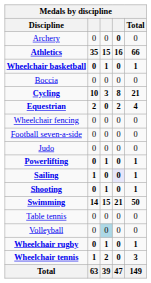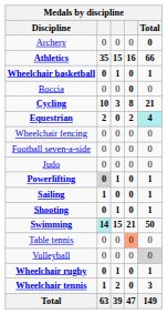 <table class="wikitable" style="font-size:85%" align="right">
 <tr bgcolor="#efefef">
 <th colspan=6>Medals by discipline</th>
 </tr>
 <tr style="text-align:center;">
 <th>Discipline</th>
 <th></th>
 <th></th>
 <th></th>
 <th>Total</th>
 </tr>
 <tr style="text-align:center; ">
 <td><a href='#'>Archery</a></td>
 <td>0</td>
 <td>0</td>
+<td>0</td>
 <td><strong>0</strong></td>
-<td>0</td>
 </tr>
 <tr style="text-align:center; font-weight:bold;">
 <td><a href='#'>Athletics</a></td>
 <td>35</td>
 <td>15</td>
 <td>16</td>
 <td>66</td>
 </tr>
 <tr style="text-align:center; font-weight:bold;">
 <td><a href='#'>Wheelchair basketball</a></td>
 <td>0</td>
 <td>1</td>
 <td>0</td>
 <td>1</td>
 </tr>
 <tr style="text-align:center; ">
 <td><a href='#'>Boccia</a></td>
 <td>0</td>
 <td>0</td>
-<td>0</td>
+<td><strong>0</strong></td>
 <td>0</td>
 </tr>
 <tr style="text-align:center; font-weight:bold;">
 <td><a href='#'>Cycling</a></td>
 <td>10</td>
 <td>3</td>
 <td>8</td>
 <td>21</td>
 </tr>
 <tr style="text-align:center; font-weight:bold;">
 <td><a href='#'>Equestrian</a></td>
 <td>2</td>
 <td>0</td>
 <td>2</td>
-<td>4</td>
+<td style="background: paleturquoise;">4</td>
 </tr>
 <tr style="text-align:center; ">
 <td><a href='#'>Wheelchair fencing</a></td>
 <td>0</td>
 <td>0</td>
 <td>0</td>
 <td>0</td>
 </tr>
 <tr style="text-align:center;">
 <td><a href='#'>Football seven-a-side</a></td>
 <td>0</td>
 <td>0</td>
 <td>0</td>
 <td>0</td>
 </tr>
 <tr style="text-align:center;">
 <td><a href='#'>Judo</a></td>
 <td>0</td>
 <td>0</td>
 <td>0</td>
 <td>0</td>
 </tr>
 <tr style="text-align:center; font-weight:bold;">
 <td><a href='#'>Powerlifting</a></td>
-<td>0</td>
+<td style="background: lightgrey;">0</td>
 <td>1</td>
 <td>0</td>
 <td>1</td>
 </tr>
 <tr style="text-align:center; font-weight:bold;">
 <td><a href='#'>Sailing</a></td>
 <td>1</td>
 <td>0</td>
-<td style="background: lavender;">0</td>
+<td>0</td>
 <td>1</td>
 </tr>
 <tr style="text-align:center; font-weight:bold;">
 <td><a href='#'>Shooting</a></td>
 <td>0</td>
 <td>1</td>
 <td>0</td>
 <td>1</td>
 </tr>
 <tr style="text-align:center; font-weight:bold;">
 <td><a href='#'>Swimming</a></td>
-<td>14</td>
+<td style="background: paleturquoise;">14</td>
 <td>15</td>
 <td>21</td>
 <td>50</td>
 </tr>
 <tr style="text-align:center;">
 <td><a href='#'>Table tennis</a></td>
 <td>0</td>
 <td>0</td>
-<td>0</td>
+<td style="background: lightsalmon;">0</td>
 <td>0</td>
 </tr>
 <tr style="text-align:center;">
 <td><a href='#'>Volleyball</a></td>
 <td>0</td>
-<td style="background: lightblue;">0</td>
 <td>0</td>
 <td>0</td>
+<td style="background: lightgrey;">0</td>
 </tr>
 <tr style="text-align:center; font-weight:bold;">
 <td><a href='#'>Wheelchair rugby</a></td>
 <td>0</td>
 <td>1</td>
 <td>0</td>
 <td>1</td>
 </tr>
 <tr style="text-align:center; font-weight:bold;">
 <td><a href='#'>Wheelchair tennis</a></td>
 <td>1</td>
 <td>2</td>
 <td>0</td>
 <td>3</td>
 </tr>
 <tr style="text-align:center;">
 <th>Total</th>
 <th>63</th>
 <th>39</th>
 <th>47</th>
 <th>149</th>
 </tr>
 </table>
